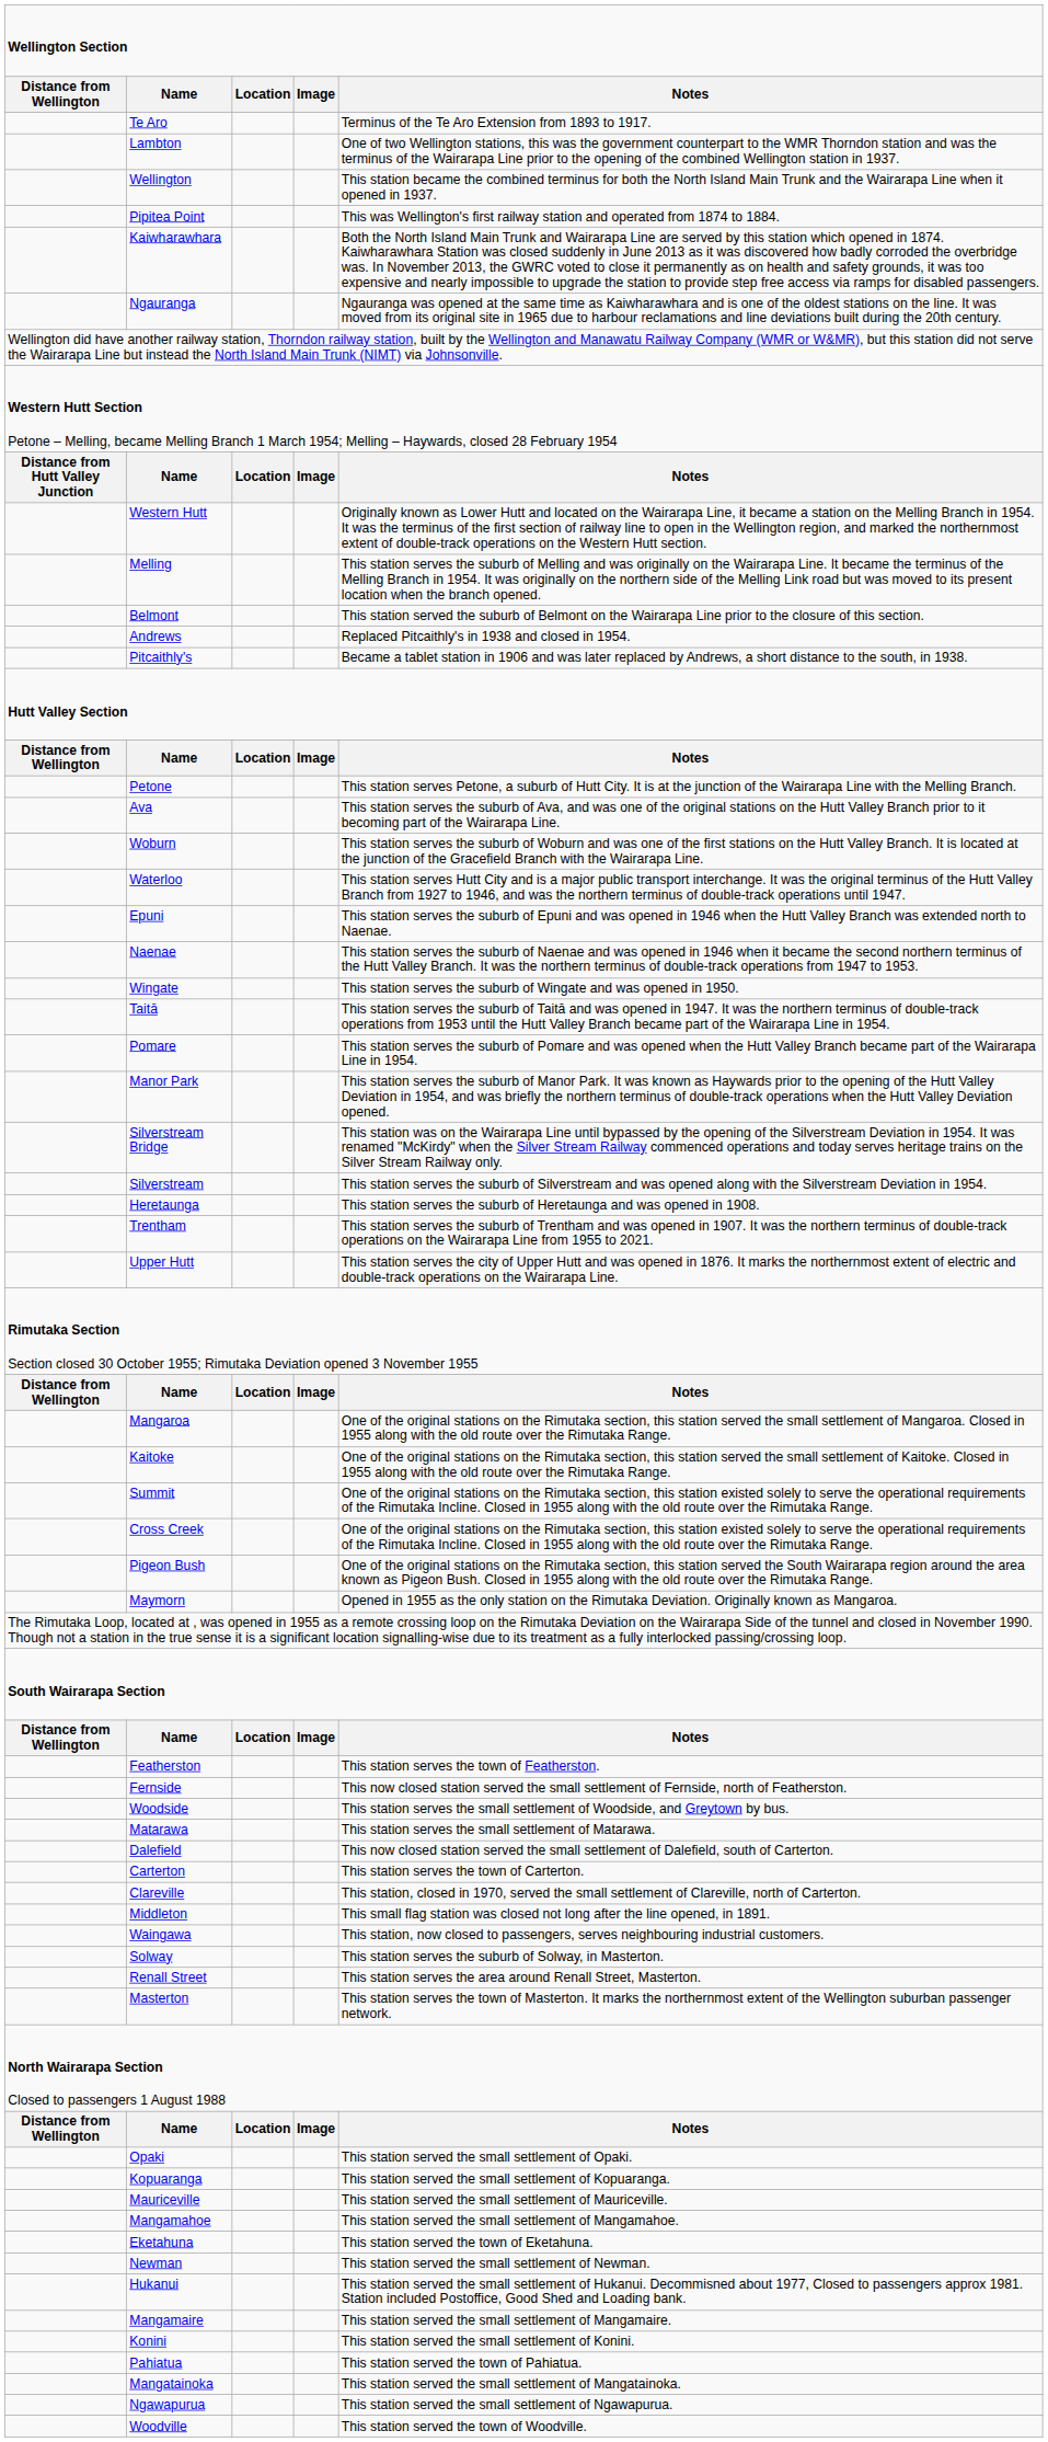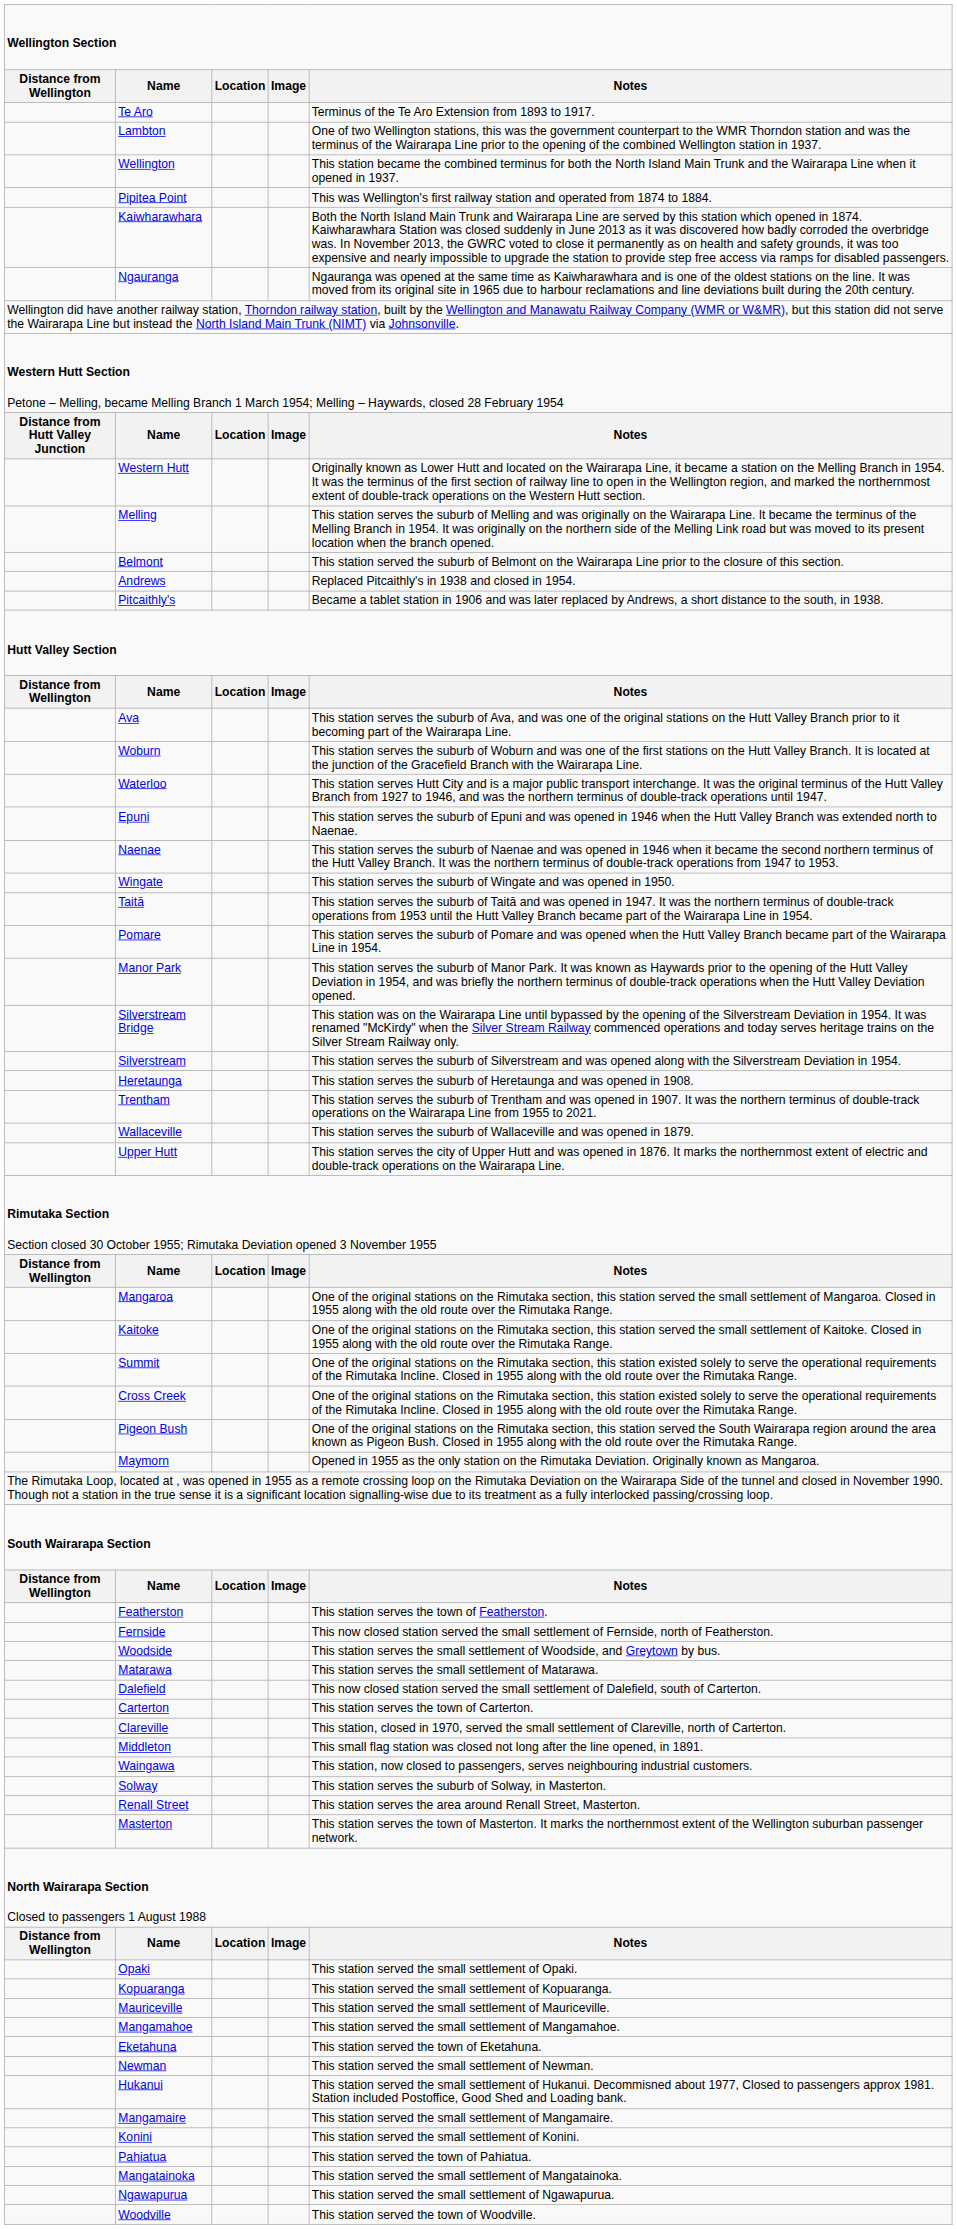 <table class="wikitable" border="1">
 <tr>
 <td align="left" colspan=5><br><h4>Wellington Section</h4></td>
 </tr>
 <tr>
 <th>Distance from Wellington</th>
 <th>Name</th>
 <th>Location</th>
 <th>Image</th>
 <th>Notes</th>
 </tr>
 <tr>
 <td></td>
 <td valign="top"><a href='#'>Te Aro</a></td>
 <td valign="top"></td>
 <td></td>
 <td valign="top">Terminus of the Te Aro Extension from 1893 to 1917.</td>
 </tr>
 <tr>
 <td></td>
 <td valign="top"><a href='#'>Lambton</a></td>
 <td valign="top"></td>
 <td></td>
 <td valign="top">One of two Wellington stations, this was the government counterpart to the WMR Thorndon station and was the terminus of the Wairarapa Line prior to the opening of the combined Wellington station in 1937.</td>
 </tr>
 <tr>
 <td valign="top"></td>
 <td valign="top"><a href='#'>Wellington</a></td>
 <td valign="top"></td>
 <td></td>
 <td valign="top">This station became the combined terminus for both the North Island Main Trunk and the Wairarapa Line when it opened in 1937.</td>
 </tr>
 <tr>
 <td></td>
 <td valign="top"><a href='#'>Pipitea Point</a></td>
 <td></td>
 <td></td>
 <td valign="top">This was Wellington's first railway station and operated from 1874 to 1884.</td>
 </tr>
 <tr>
 <td valign="top"></td>
 <td valign="top"><a href='#'>Kaiwharawhara</a></td>
 <td valign="top"></td>
 <td></td>
 <td valign="top">Both the North Island Main Trunk and Wairarapa Line are served by this station which opened in 1874.<br>Kaiwharawhara Station was closed suddenly in June 2013 as it was discovered how badly corroded the overbridge was.  In November 2013, the GWRC voted to close it permanently as on health and safety grounds, it was too expensive and nearly impossible to upgrade the station to provide step free access via ramps for disabled passengers.</td>
 </tr>
 <tr>
 <td valign="top"></td>
 <td valign="top"><a href='#'>Ngauranga</a></td>
 <td valign="top"></td>
 <td></td>
 <td valign="top">Ngauranga was opened at the same time as Kaiwharawhara and is one of the oldest stations on the line. It was moved from its original site in 1965 due to harbour reclamations and line deviations built during the 20th century.</td>
 </tr>
 <tr>
 <td colspan=5>Wellington did have another railway station, <a href='#'>Thorndon railway station</a>, built by the <a href='#'>Wellington and Manawatu Railway Company (WMR or W&MR)</a>, but this station did not serve the Wairarapa Line but instead the <a href='#'>North Island Main Trunk (NIMT)</a> via <a href='#'>Johnsonville</a>.</td>
 </tr>
 <tr>
 <td align="left" colspan=5><br><h4>Western Hutt Section</h4>Petone – Melling, became Melling Branch 1 March 1954; Melling – Haywards, closed 28 February 1954</td>
 </tr>
 <tr>
 <th>Distance from Hutt Valley Junction</th>
 <th>Name</th>
 <th>Location</th>
 <th>Image</th>
 <th>Notes</th>
 </tr>
 <tr>
 <td valign="top"></td>
 <td valign="top"><a href='#'>Western Hutt</a></td>
 <td valign="top"></td>
 <td></td>
 <td valign="top">Originally known as Lower Hutt and located on the Wairarapa Line, it became a station on the Melling Branch in 1954. It was the terminus of the first section of railway line to open in the Wellington region, and marked the northernmost extent of double-track operations on the Western Hutt section.</td>
 </tr>
 <tr>
 <td valign="top"></td>
 <td valign="top"><a href='#'>Melling</a></td>
 <td valign="top"></td>
 <td></td>
 <td valign="top">This station serves the suburb of Melling and was originally on the Wairarapa Line. It became the terminus of the Melling Branch in 1954. It was originally on the northern side of the Melling Link road but was moved to its present location when the branch opened.</td>
 </tr>
 <tr>
 <td valign="top"></td>
 <td valign="top"><a href='#'>Belmont</a></td>
 <td></td>
 <td></td>
 <td valign="top">This station served the suburb of Belmont on the Wairarapa Line prior to the closure of this section.</td>
 </tr>
 <tr>
 <td valign="top"></td>
 <td valign="top"><a href='#'>Andrews</a></td>
 <td></td>
 <td></td>
 <td valign="top">Replaced Pitcaithly's in 1938 and closed in 1954.</td>
 </tr>
 <tr>
 <td></td>
 <td valign="top"><a href='#'>Pitcaithly's</a></td>
 <td></td>
 <td></td>
 <td valign="top">Became a tablet station in 1906 and was later replaced by Andrews, a short distance to the south, in 1938.</td>
 </tr>
 <tr>
 <td align="left" colspan=5><br><h4>Hutt Valley Section</h4></td>
 </tr>
 <tr>
 <th>Distance from Wellington</th>
 <th>Name</th>
 <th>Location</th>
 <th>Image</th>
 <th>Notes</th>
 </tr>
 <tr>
 <td valign="top"></td>
-<td valign="top"><a href='#'>Petone</a></td>
-<td valign="top"></td>
-<td></td>
-<td valign="top">This station serves Petone, a suburb of Hutt City. It is at the junction of the Wairarapa Line with the Melling Branch.</td>
-</tr>
-<tr>
-<td valign="top"></td>
 <td valign="top"><a href='#'>Ava</a></td>
 <td valign="top"></td>
 <td></td>
 <td valign="top">This station serves the suburb of Ava, and was one of the original stations on the Hutt Valley Branch prior to it becoming part of the Wairarapa Line.</td>
 </tr>
 <tr>
 <td valign="top"></td>
 <td valign="top"><a href='#'>Woburn</a></td>
 <td valign="top"></td>
 <td></td>
 <td valign="top">This station serves the suburb of Woburn and was one of the first stations on the Hutt Valley Branch. It is located at the junction of the Gracefield Branch with the Wairarapa Line.</td>
 </tr>
 <tr>
 <td valign="top"></td>
 <td valign="top"><a href='#'>Waterloo</a></td>
 <td valign="top"></td>
 <td></td>
 <td valign="top">This station serves Hutt City and is a major public transport interchange. It was the original terminus of the Hutt Valley Branch from 1927 to 1946, and was the northern terminus of double-track operations until 1947.</td>
 </tr>
 <tr>
 <td valign="top"></td>
 <td valign="top"><a href='#'>Epuni</a></td>
 <td valign="top"></td>
 <td></td>
 <td valign="top">This station serves the suburb of Epuni and was opened in 1946 when the Hutt Valley Branch was extended north to Naenae.</td>
 </tr>
 <tr>
 <td valign="top"></td>
 <td valign="top"><a href='#'>Naenae</a></td>
 <td valign="top"></td>
 <td></td>
 <td valign="top">This station serves the suburb of Naenae and was opened in 1946 when it became the second northern terminus of the Hutt Valley Branch.  It was the northern terminus of double-track operations from 1947 to 1953.</td>
 </tr>
 <tr>
 <td valign="top"></td>
 <td valign="top"><a href='#'>Wingate</a></td>
 <td valign="top"></td>
 <td></td>
 <td valign="top">This station serves the suburb of Wingate and was opened in 1950.</td>
 </tr>
 <tr>
 <td valign="top"></td>
 <td valign="top"><a href='#'>Taitā</a></td>
 <td valign="top"></td>
 <td></td>
 <td valign="top">This station serves the suburb of Taitā and was opened in 1947.  It was the northern terminus of double-track operations from 1953 until the Hutt Valley Branch became part of the Wairarapa Line in 1954.</td>
 </tr>
 <tr>
 <td valign="top"></td>
 <td valign="top"><a href='#'>Pomare</a></td>
 <td valign="top"></td>
 <td></td>
 <td valign="top">This station serves the suburb of Pomare and was opened when the Hutt Valley Branch became part of the Wairarapa Line in 1954.</td>
 </tr>
 <tr>
 <td valign="top"></td>
 <td valign="top"><a href='#'>Manor Park</a></td>
 <td valign="top"></td>
 <td></td>
 <td valign="top">This station serves the suburb of Manor Park. It was known as Haywards prior to the opening of the Hutt Valley Deviation in 1954, and was briefly the northern terminus of double-track operations when the Hutt Valley Deviation opened.</td>
 </tr>
 <tr>
 <td></td>
 <td valign="top"><a href='#'>Silverstream Bridge</a></td>
 <td valign="top"></td>
 <td></td>
 <td valign="top">This station was on the Wairarapa Line until bypassed by the opening of the Silverstream Deviation in 1954.  It was renamed "McKirdy" when the <a href='#'>Silver Stream Railway</a> commenced operations and today serves heritage trains on the Silver Stream Railway only.</td>
 </tr>
 <tr>
 <td valign="top"></td>
 <td valign="top"><a href='#'>Silverstream</a></td>
 <td valign="top"></td>
 <td></td>
 <td valign="top">This station serves the suburb of Silverstream and was opened along with the Silverstream Deviation in 1954.</td>
 </tr>
 <tr>
 <td valign="top"></td>
 <td valign="top"><a href='#'>Heretaunga</a></td>
 <td valign="top"></td>
 <td></td>
 <td valign="top">This station serves the suburb of Heretaunga and was opened in 1908.</td>
 </tr>
 <tr>
 <td valign="top"></td>
 <td valign="top"><a href='#'>Trentham</a></td>
 <td valign="top"></td>
 <td></td>
 <td valign="top">This station serves the suburb of Trentham and was opened in 1907. It was the northern terminus of double-track operations on the Wairarapa Line from 1955 to 2021.</td>
+</tr>
+<tr>
+<td valign="top"></td>
+<td valign="top"><a href='#'>Wallaceville</a></td>
+<td valign="top"></td>
+<td></td>
+<td valign="top">This station serves the suburb of Wallaceville and was opened in 1879.</td>
 </tr>
 <tr>
 <td valign="top"></td>
 <td valign="top"><a href='#'>Upper Hutt</a></td>
 <td valign="top"></td>
 <td></td>
 <td valign="top">This station serves the city of Upper Hutt and was opened in 1876. It marks the northernmost extent of electric and double-track operations on the Wairarapa Line.</td>
 </tr>
 <tr>
 <td align="left" colspan=5><br><h4>Rimutaka Section</h4>Section closed 30 October 1955; Rimutaka Deviation opened 3 November 1955</td>
 </tr>
 <tr>
 <th>Distance from Wellington</th>
 <th>Name</th>
 <th>Location</th>
 <th>Image</th>
 <th>Notes</th>
 </tr>
 <tr>
 <td></td>
 <td valign="top"><a href='#'>Mangaroa</a></td>
 <td valign="top"></td>
 <td></td>
 <td valign="top">One of the original stations on the Rimutaka section, this station served the small settlement of Mangaroa. Closed in 1955 along with the old route over the Rimutaka Range.</td>
 </tr>
 <tr>
 <td></td>
 <td valign="top"><a href='#'>Kaitoke</a></td>
 <td valign="top"></td>
 <td></td>
 <td valign="top">One of the original stations on the Rimutaka section, this station served the small settlement of Kaitoke. Closed in 1955 along with the old route over the Rimutaka Range.</td>
 </tr>
 <tr>
 <td></td>
 <td valign="top"><a href='#'>Summit</a></td>
 <td valign="top"></td>
 <td></td>
 <td valign="top">One of the original stations on the Rimutaka section, this station existed solely to serve the operational requirements of the Rimutaka Incline. Closed in 1955 along with the old route over the Rimutaka Range.</td>
 </tr>
 <tr>
 <td></td>
 <td valign="top"><a href='#'>Cross Creek</a></td>
 <td valign="top"></td>
 <td></td>
 <td valign="top">One of the original stations on the Rimutaka section, this station existed solely to serve the operational requirements of the Rimutaka Incline. Closed in 1955 along with the old route over the Rimutaka Range.</td>
 </tr>
 <tr>
 <td></td>
 <td valign="top"><a href='#'>Pigeon Bush</a></td>
 <td valign="top"></td>
 <td></td>
 <td valign="top">One of the original stations on the Rimutaka section, this station served the South Wairarapa region around the area known as Pigeon Bush. Closed in 1955 along with the old route over the Rimutaka Range.</td>
 </tr>
 <tr>
 <td valign="top"></td>
 <td valign="top"><a href='#'>Maymorn</a></td>
 <td valign="top"></td>
 <td></td>
 <td valign="top">Opened in 1955 as the only station on the Rimutaka Deviation. Originally known as Mangaroa.</td>
 </tr>
 <tr>
 <td colspan=5 valign="top">The Rimutaka Loop, located at , was opened in 1955 as a remote crossing loop on the Rimutaka Deviation on the Wairarapa Side of the tunnel and closed in November 1990. Though not a station in the true sense it is a significant location signalling-wise due to its treatment as a fully interlocked passing/crossing loop.</td>
 </tr>
 <tr>
 <td align="left" colspan=5><br><h4>South Wairarapa Section</h4></td>
 </tr>
 <tr>
 <th>Distance from Wellington</th>
 <th>Name</th>
 <th>Location</th>
 <th>Image</th>
 <th>Notes</th>
 </tr>
 <tr>
 <td valign="top"></td>
 <td valign="top"><a href='#'>Featherston</a></td>
 <td valign="top"></td>
 <td></td>
 <td valign="top">This station serves the town of <a href='#'>Featherston</a>.</td>
 </tr>
 <tr>
 <td valign="top"></td>
 <td valign="top"><a href='#'>Fernside</a></td>
 <td valign="top"></td>
 <td></td>
 <td valign="top">This now closed station served the small settlement of Fernside, north of Featherston.</td>
 </tr>
 <tr>
 <td valign="top"></td>
 <td valign="top"><a href='#'>Woodside</a></td>
 <td valign="top"></td>
 <td></td>
 <td valign="top">This station serves the small settlement of Woodside, and <a href='#'>Greytown</a> by bus.</td>
 </tr>
 <tr>
 <td valign="top"></td>
 <td valign="top"><a href='#'>Matarawa</a></td>
 <td valign="top"></td>
 <td></td>
 <td valign="top">This station serves the small settlement of Matarawa.</td>
 </tr>
 <tr>
 <td valign="top"></td>
 <td valign="top"><a href='#'>Dalefield</a></td>
 <td valign="top"></td>
 <td></td>
 <td valign="top">This now closed station served the small settlement of Dalefield, south of Carterton.</td>
 </tr>
 <tr>
 <td valign="top"></td>
 <td valign="top"><a href='#'>Carterton</a></td>
 <td valign="top"></td>
 <td></td>
 <td valign="top">This station serves the town of Carterton.</td>
 </tr>
 <tr>
 <td valign="top"></td>
 <td valign="top"><a href='#'>Clareville</a></td>
 <td valign="top"></td>
 <td></td>
 <td valign="top">This station, closed in 1970, served the small settlement of Clareville, north of Carterton.</td>
 </tr>
 <tr>
 <td valign="top"></td>
 <td valign="top"><a href='#'>Middleton</a></td>
 <td valign="top"></td>
 <td></td>
 <td valign="top">This small flag station was closed not long after the line opened, in 1891.</td>
 </tr>
 <tr>
 <td valign="top"></td>
 <td valign="top"><a href='#'>Waingawa</a></td>
 <td valign="top"></td>
 <td></td>
 <td valign="top">This station, now closed to passengers, serves neighbouring industrial customers.</td>
 </tr>
 <tr>
 <td valign="top"></td>
 <td valign="top"><a href='#'>Solway</a></td>
 <td valign="top"></td>
 <td></td>
 <td valign="top">This station serves the suburb of Solway, in Masterton.</td>
 </tr>
 <tr>
 <td valign="top"></td>
 <td valign="top"><a href='#'>Renall Street</a></td>
 <td valign="top"></td>
 <td></td>
 <td valign="top">This station serves the area around Renall Street, Masterton.</td>
 </tr>
 <tr>
 <td valign="top"></td>
 <td valign="top"><a href='#'>Masterton</a></td>
 <td valign="top"></td>
 <td></td>
 <td valign="top">This station serves the town of Masterton. It marks the northernmost extent of the Wellington suburban passenger network.</td>
 </tr>
 <tr>
 <td align="left" colspan=5><br><h4>North Wairarapa Section</h4>Closed to passengers 1 August 1988</td>
 </tr>
 <tr>
 <th>Distance from Wellington</th>
 <th>Name</th>
 <th>Location</th>
 <th>Image</th>
 <th>Notes</th>
 </tr>
 <tr>
 <td valign="top"></td>
 <td valign="top"><a href='#'>Opaki</a></td>
 <td valign="top"></td>
 <td></td>
 <td valign="top">This station served the small settlement of Opaki.</td>
 </tr>
 <tr>
 <td valign="top"></td>
 <td valign="top"><a href='#'>Kopuaranga</a></td>
 <td valign="top"></td>
 <td></td>
 <td valign="top">This station served the small settlement of Kopuaranga.</td>
 </tr>
 <tr>
 <td valign="top"></td>
 <td valign="top"><a href='#'>Mauriceville</a></td>
 <td valign="top"></td>
 <td></td>
 <td valign="top">This station served the small settlement of Mauriceville.</td>
 </tr>
 <tr>
 <td valign="top"></td>
 <td valign="top"><a href='#'>Mangamahoe</a></td>
 <td valign="top"></td>
 <td></td>
 <td valign="top">This station served the small settlement of Mangamahoe.</td>
 </tr>
 <tr>
 <td valign="top"></td>
 <td valign="top"><a href='#'>Eketahuna</a></td>
 <td valign="top"></td>
 <td></td>
 <td valign="top">This station served the town of Eketahuna.</td>
 </tr>
 <tr>
 <td valign="top"></td>
 <td valign="top"><a href='#'>Newman</a></td>
 <td valign="top"></td>
 <td></td>
 <td valign="top">This station served the small settlement of Newman.</td>
 </tr>
 <tr>
 <td valign="top"></td>
 <td valign="top"><a href='#'>Hukanui</a></td>
 <td valign="top"></td>
 <td></td>
 <td valign="top">This station served the small settlement of Hukanui. Decommisned about 1977, Closed to passengers approx 1981. Station included Postoffice, Good Shed and Loading bank.</td>
 </tr>
 <tr>
 <td valign="top"></td>
 <td valign="top"><a href='#'>Mangamaire</a></td>
 <td valign="top"></td>
 <td></td>
 <td valign="top">This station served the small settlement of Mangamaire.</td>
 </tr>
 <tr>
 <td valign="top"></td>
 <td valign="top"><a href='#'>Konini</a></td>
 <td valign="top"></td>
 <td></td>
 <td valign="top">This station served the small settlement of Konini.</td>
 </tr>
 <tr>
 <td valign="top"></td>
 <td valign="top"><a href='#'>Pahiatua</a></td>
 <td valign="top"></td>
 <td></td>
 <td valign="top">This station served the town of Pahiatua.</td>
 </tr>
 <tr>
 <td valign="top"></td>
 <td valign="top"><a href='#'>Mangatainoka</a></td>
 <td valign="top"></td>
 <td></td>
 <td valign="top">This station served the small settlement of Mangatainoka.</td>
 </tr>
 <tr>
 <td valign="top"></td>
 <td valign="top"><a href='#'>Ngawapurua</a></td>
 <td valign="top"></td>
 <td></td>
 <td valign="top">This station served the small settlement of Ngawapurua.</td>
 </tr>
 <tr>
 <td valign="top"></td>
 <td valign="top"><a href='#'>Woodville</a></td>
 <td valign="top"></td>
 <td></td>
 <td valign="top">This station served the town of Woodville.</td>
 </tr>
 </table>
